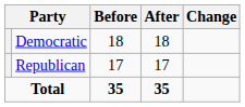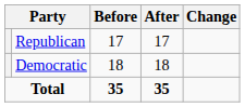 <table class="wikitable" style="text-align:center;">
 <tr>
 <th colspan="2">Party</th>
 <th>Before</th>
 <th>After</th>
 <th>Change</th>
 </tr>
 <tr>
 <th style="background-color:"></th>
-<td style="text-align:left;"><a href='#'>Democratic</a></td>
-<td>18</td>
-<td>18</td>
+<td style="text-align:left;"><a href='#'>Republican</a></td>
+<td>17</td>
+<td>17</td>
 <td></td>
 </tr>
 <tr>
 <th style="background-color:"></th>
-<td style="text-align:left;"><a href='#'>Republican</a></td>
-<td>17</td>
-<td>17</td>
+<td style="text-align:left;"><a href='#'>Democratic</a></td>
+<td>18</td>
+<td>18</td>
 <td></td>
 </tr>
 <tr>
 <td colspan="2"><strong>Total</strong></td>
 <td><strong>35</strong></td>
 <td><strong>35</strong></td>
 <td></td>
 </tr>
 </table>
